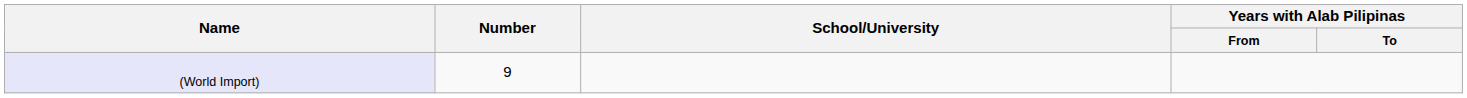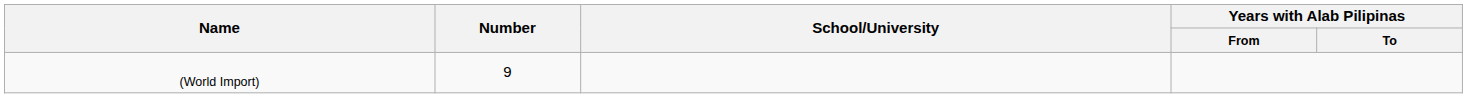 <table class="wikitable sortable" style="text-align:center" width="98%">
 <tr>
 <th style="width:180px;" rowspan="2">Name</th>
 <th style="width:10%;" colspan="2" rowspan="2">Number</th>
 <th style="width:250px;" rowspan="2">School/University</th>
 <th style="width:180px; text-align:center;" colspan="2">Years with Alab Pilipinas</th>
 </tr>
 <tr>
 <th style="width:10%; text-align:center;"><small>From</small></th>
 <th style="width:10%; text-align:center;"><small>To</small></th>
 </tr>
 <tr>
-<td style="background: lavender;"><br><small>(World Import)</small></td>
+<td><br><small>(World Import)</small></td>
 <td colspan="2">9</td>
 <td></td>
 <td colspan="2"></td>
 </tr>
 </table>
